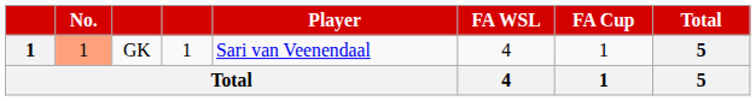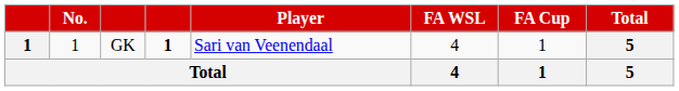 <table class="wikitable" style="text-align:center;">
 <tr>
 <th style="background:#d50000; color:white; width:35px;"></th>
 <th style="background:#d50000; color:white; text-align:center; width:40px">No.</th>
 <th style="background:#d50000; color:white; width:35px;"></th>
 <th style="background:#d50000; color:white; width:35px;"></th>
 <th style="background:#d50000; color:white; width:200px;">Player</th>
 <th style="background:#d50000; color:white; width:75px;">FA WSL</th>
 <th style="background:#d50000; color:white; width:75px;">FA Cup</th>
 <th style="background:#d50000; color:white; width:75px;"><strong>Total</strong></th>
 </tr>
 <tr>
 <th rowspan="1">1</th>
-<td style="background: lightsalmon;">1</td>
+<td>1</td>
 <td>GK</td>
-<td>1</td>
+<td><strong>1</strong></td>
 <td style="text-align:left;"> <a href='#'>Sari van Veenendaal</a></td>
 <td>4</td>
 <td>1</td>
 <th>5</th>
 </tr>
 <tr>
 <th colspan="5">Total</th>
 <th>4</th>
 <th>1</th>
 <th>5</th>
 </tr>
 </table>
